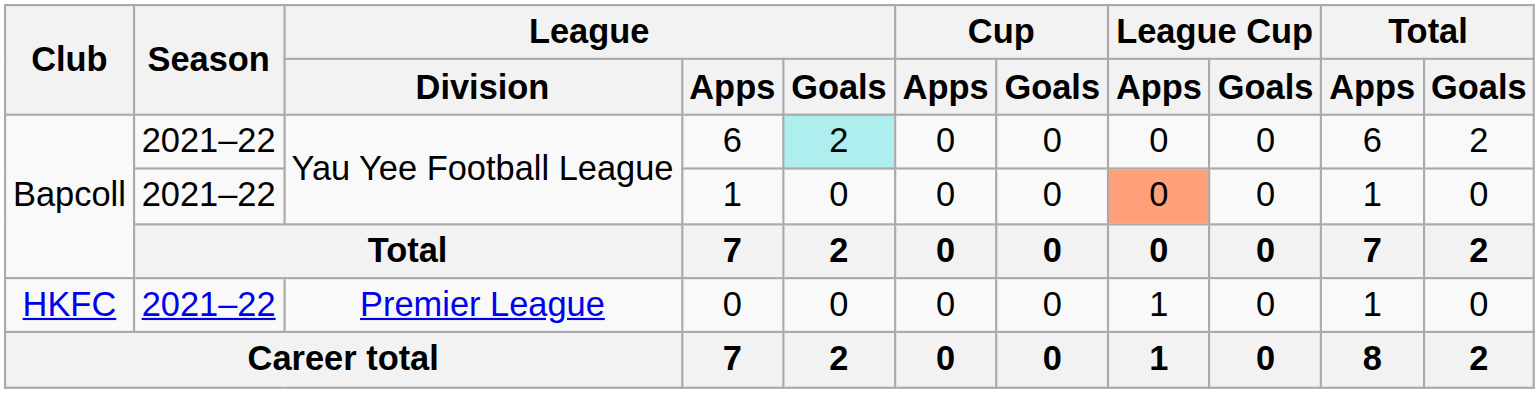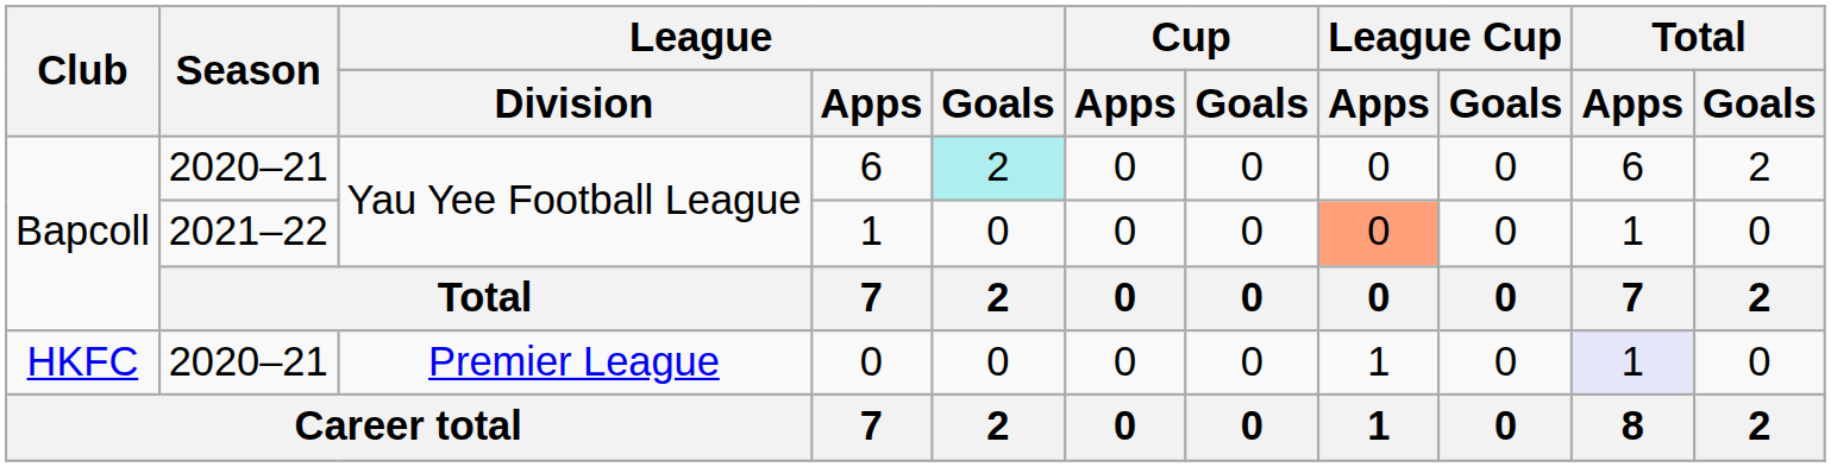 <table class="wikitable" style="text-align: center">
 <tr>
 <th rowspan="2">Club</th>
 <th rowspan="2">Season</th>
 <th colspan="3">League</th>
 <th colspan="2">Cup</th>
 <th colspan="2">League Cup</th>
 <th colspan="2">Total</th>
 </tr>
 <tr>
 <th>Division</th>
 <th>Apps</th>
 <th>Goals</th>
 <th>Apps</th>
 <th>Goals</th>
 <th>Apps</th>
 <th>Goals</th>
 <th>Apps</th>
 <th>Goals</th>
 </tr>
 <tr>
 <td rowspan="3">Bapcoll</td>
-<td>2021–22</td>
+<td>2020–21</td>
 <td rowspan="2">Yau Yee Football League</td>
 <td>6</td>
 <td style="background: paleturquoise;">2</td>
 <td>0</td>
 <td>0</td>
 <td>0</td>
 <td>0</td>
 <td>6</td>
 <td>2</td>
 </tr>
 <tr>
 <td>2021–22</td>
 <td>1</td>
 <td>0</td>
 <td>0</td>
 <td>0</td>
 <td style="background: lightsalmon;">0</td>
 <td>0</td>
 <td>1</td>
 <td>0</td>
 </tr>
 <tr>
 <th colspan="2">Total</th>
 <th>7</th>
 <th>2</th>
 <th>0</th>
 <th>0</th>
 <th>0</th>
 <th>0</th>
 <th>7</th>
 <th>2</th>
 </tr>
 <tr>
 <td><a href='#'>HKFC</a></td>
-<td><a href='#'>2021–22</a></td>
+<td>2020–21</td>
 <td><a href='#'>Premier League</a></td>
 <td>0</td>
 <td>0</td>
 <td>0</td>
 <td>0</td>
 <td>1</td>
 <td>0</td>
-<td>1</td>
+<td style="background: lavender;">1</td>
 <td>0</td>
 </tr>
 <tr>
 <th colspan="3">Career total</th>
 <th>7</th>
 <th>2</th>
 <th>0</th>
 <th>0</th>
 <th>1</th>
 <th>0</th>
 <th>8</th>
 <th>2</th>
 </tr>
 </table>
